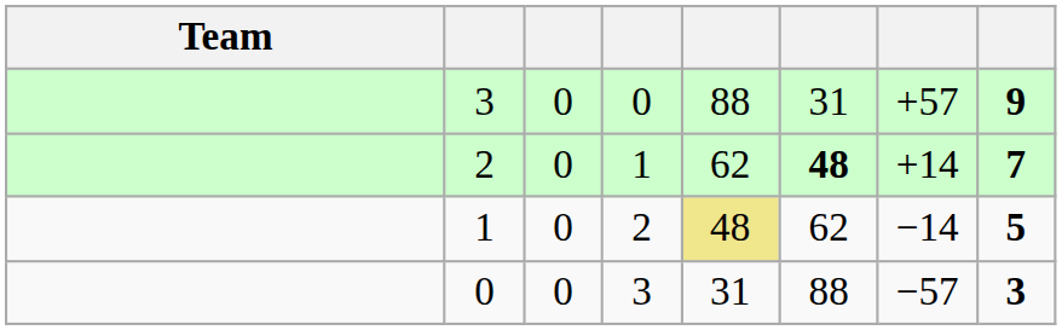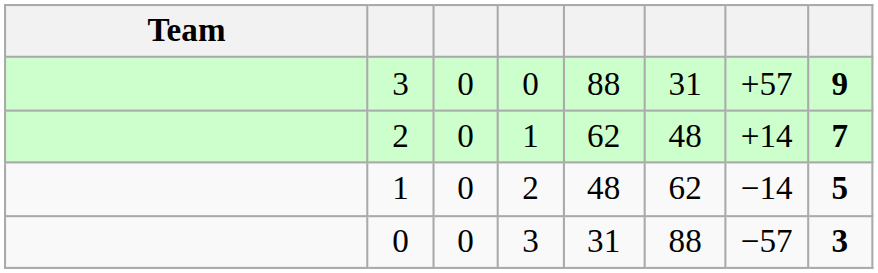 <table class="wikitable" style="text-align:center;">
 <tr>
 <th style="width:10.5em;">Team</th>
 <th style="width:1.5em;"></th>
 <th style="width:1.5em;"></th>
 <th style="width:1.5em;"></th>
 <th style="width:2.0em;"></th>
 <th style="width:2.0em;"></th>
 <th style="width:2.0em;"></th>
 <th style="width:1.5em;"></th>
 </tr>
 <tr bgcolor=#cfc>
 <td align="left"></td>
 <td>3</td>
 <td>0</td>
 <td>0</td>
 <td>88</td>
 <td>31</td>
 <td>+57</td>
 <td><strong>9</strong></td>
 </tr>
 <tr bgcolor=#cfc>
 <td align="left"></td>
 <td>2</td>
 <td>0</td>
 <td>1</td>
 <td>62</td>
-<td><strong>48</strong></td>
+<td>48</td>
 <td>+14</td>
 <td><strong>7</strong></td>
 </tr>
 <tr>
 <td align="left"></td>
 <td>1</td>
 <td>0</td>
 <td>2</td>
-<td style="background: khaki;">48</td>
+<td>48</td>
 <td>62</td>
 <td>−14</td>
 <td><strong>5</strong></td>
 </tr>
 <tr>
 <td align="left"></td>
 <td>0</td>
 <td>0</td>
 <td>3</td>
 <td>31</td>
 <td>88</td>
 <td>−57</td>
 <td><strong>3</strong></td>
 </tr>
 </table>
